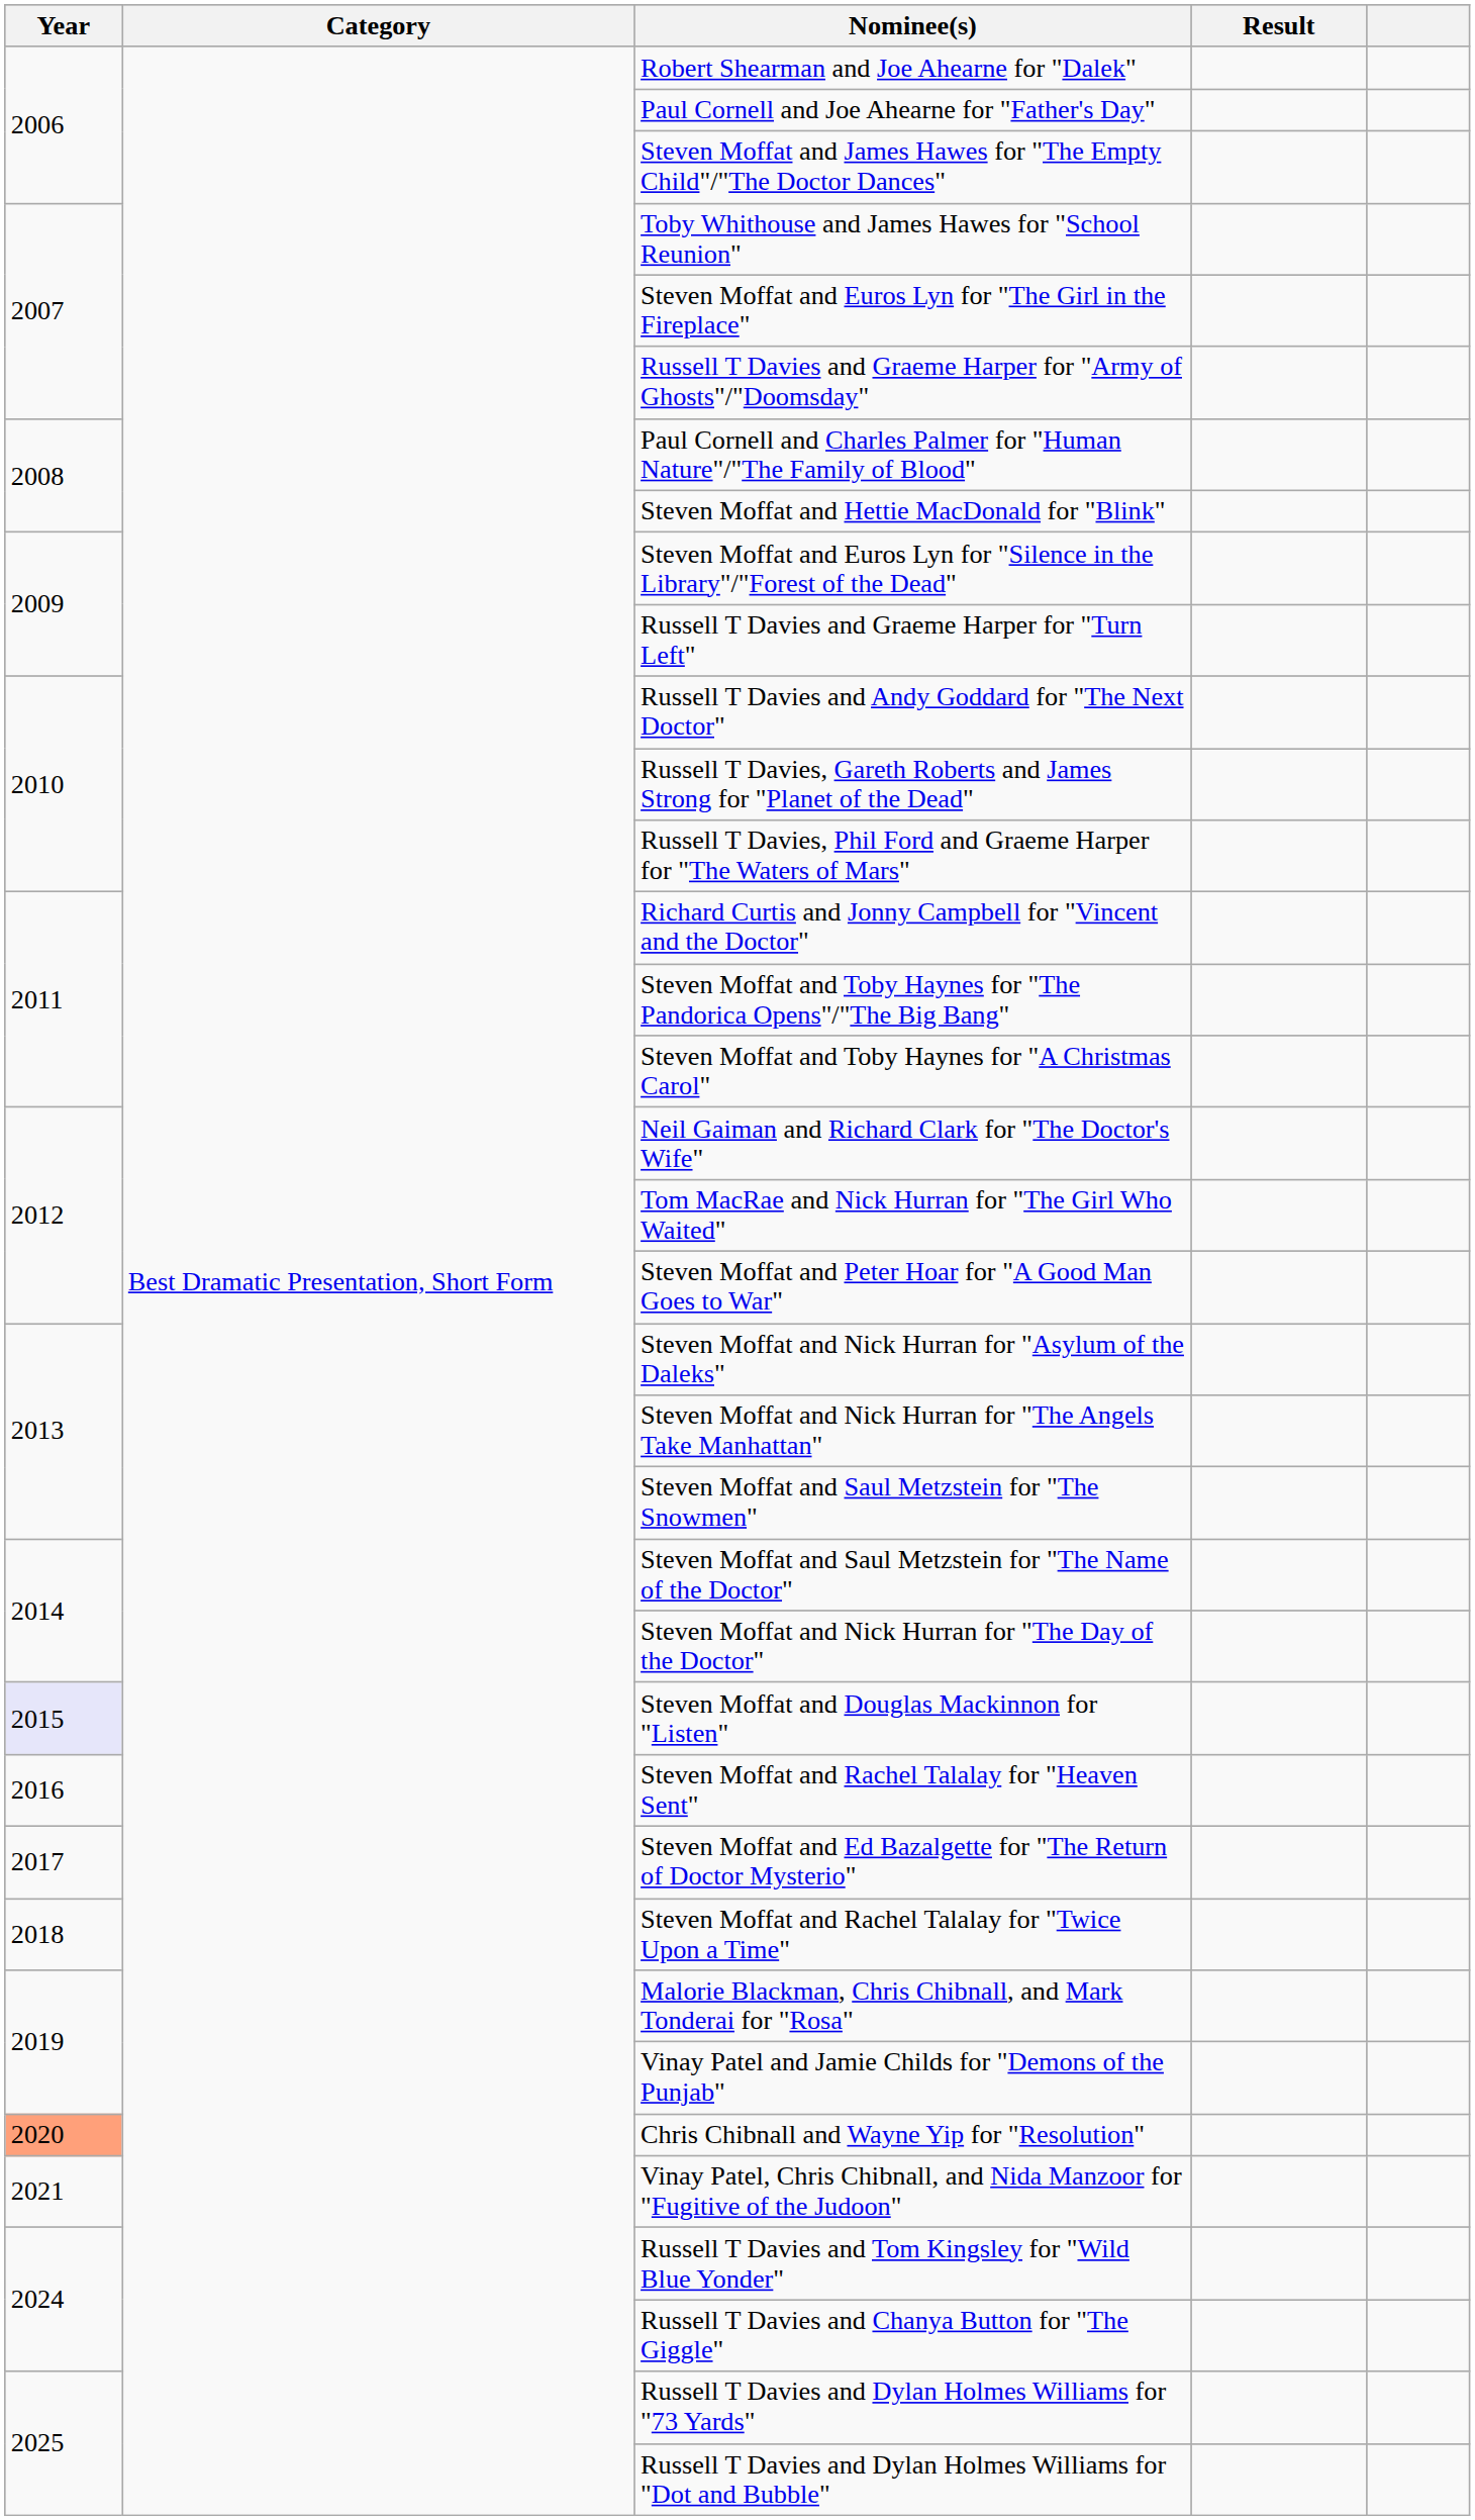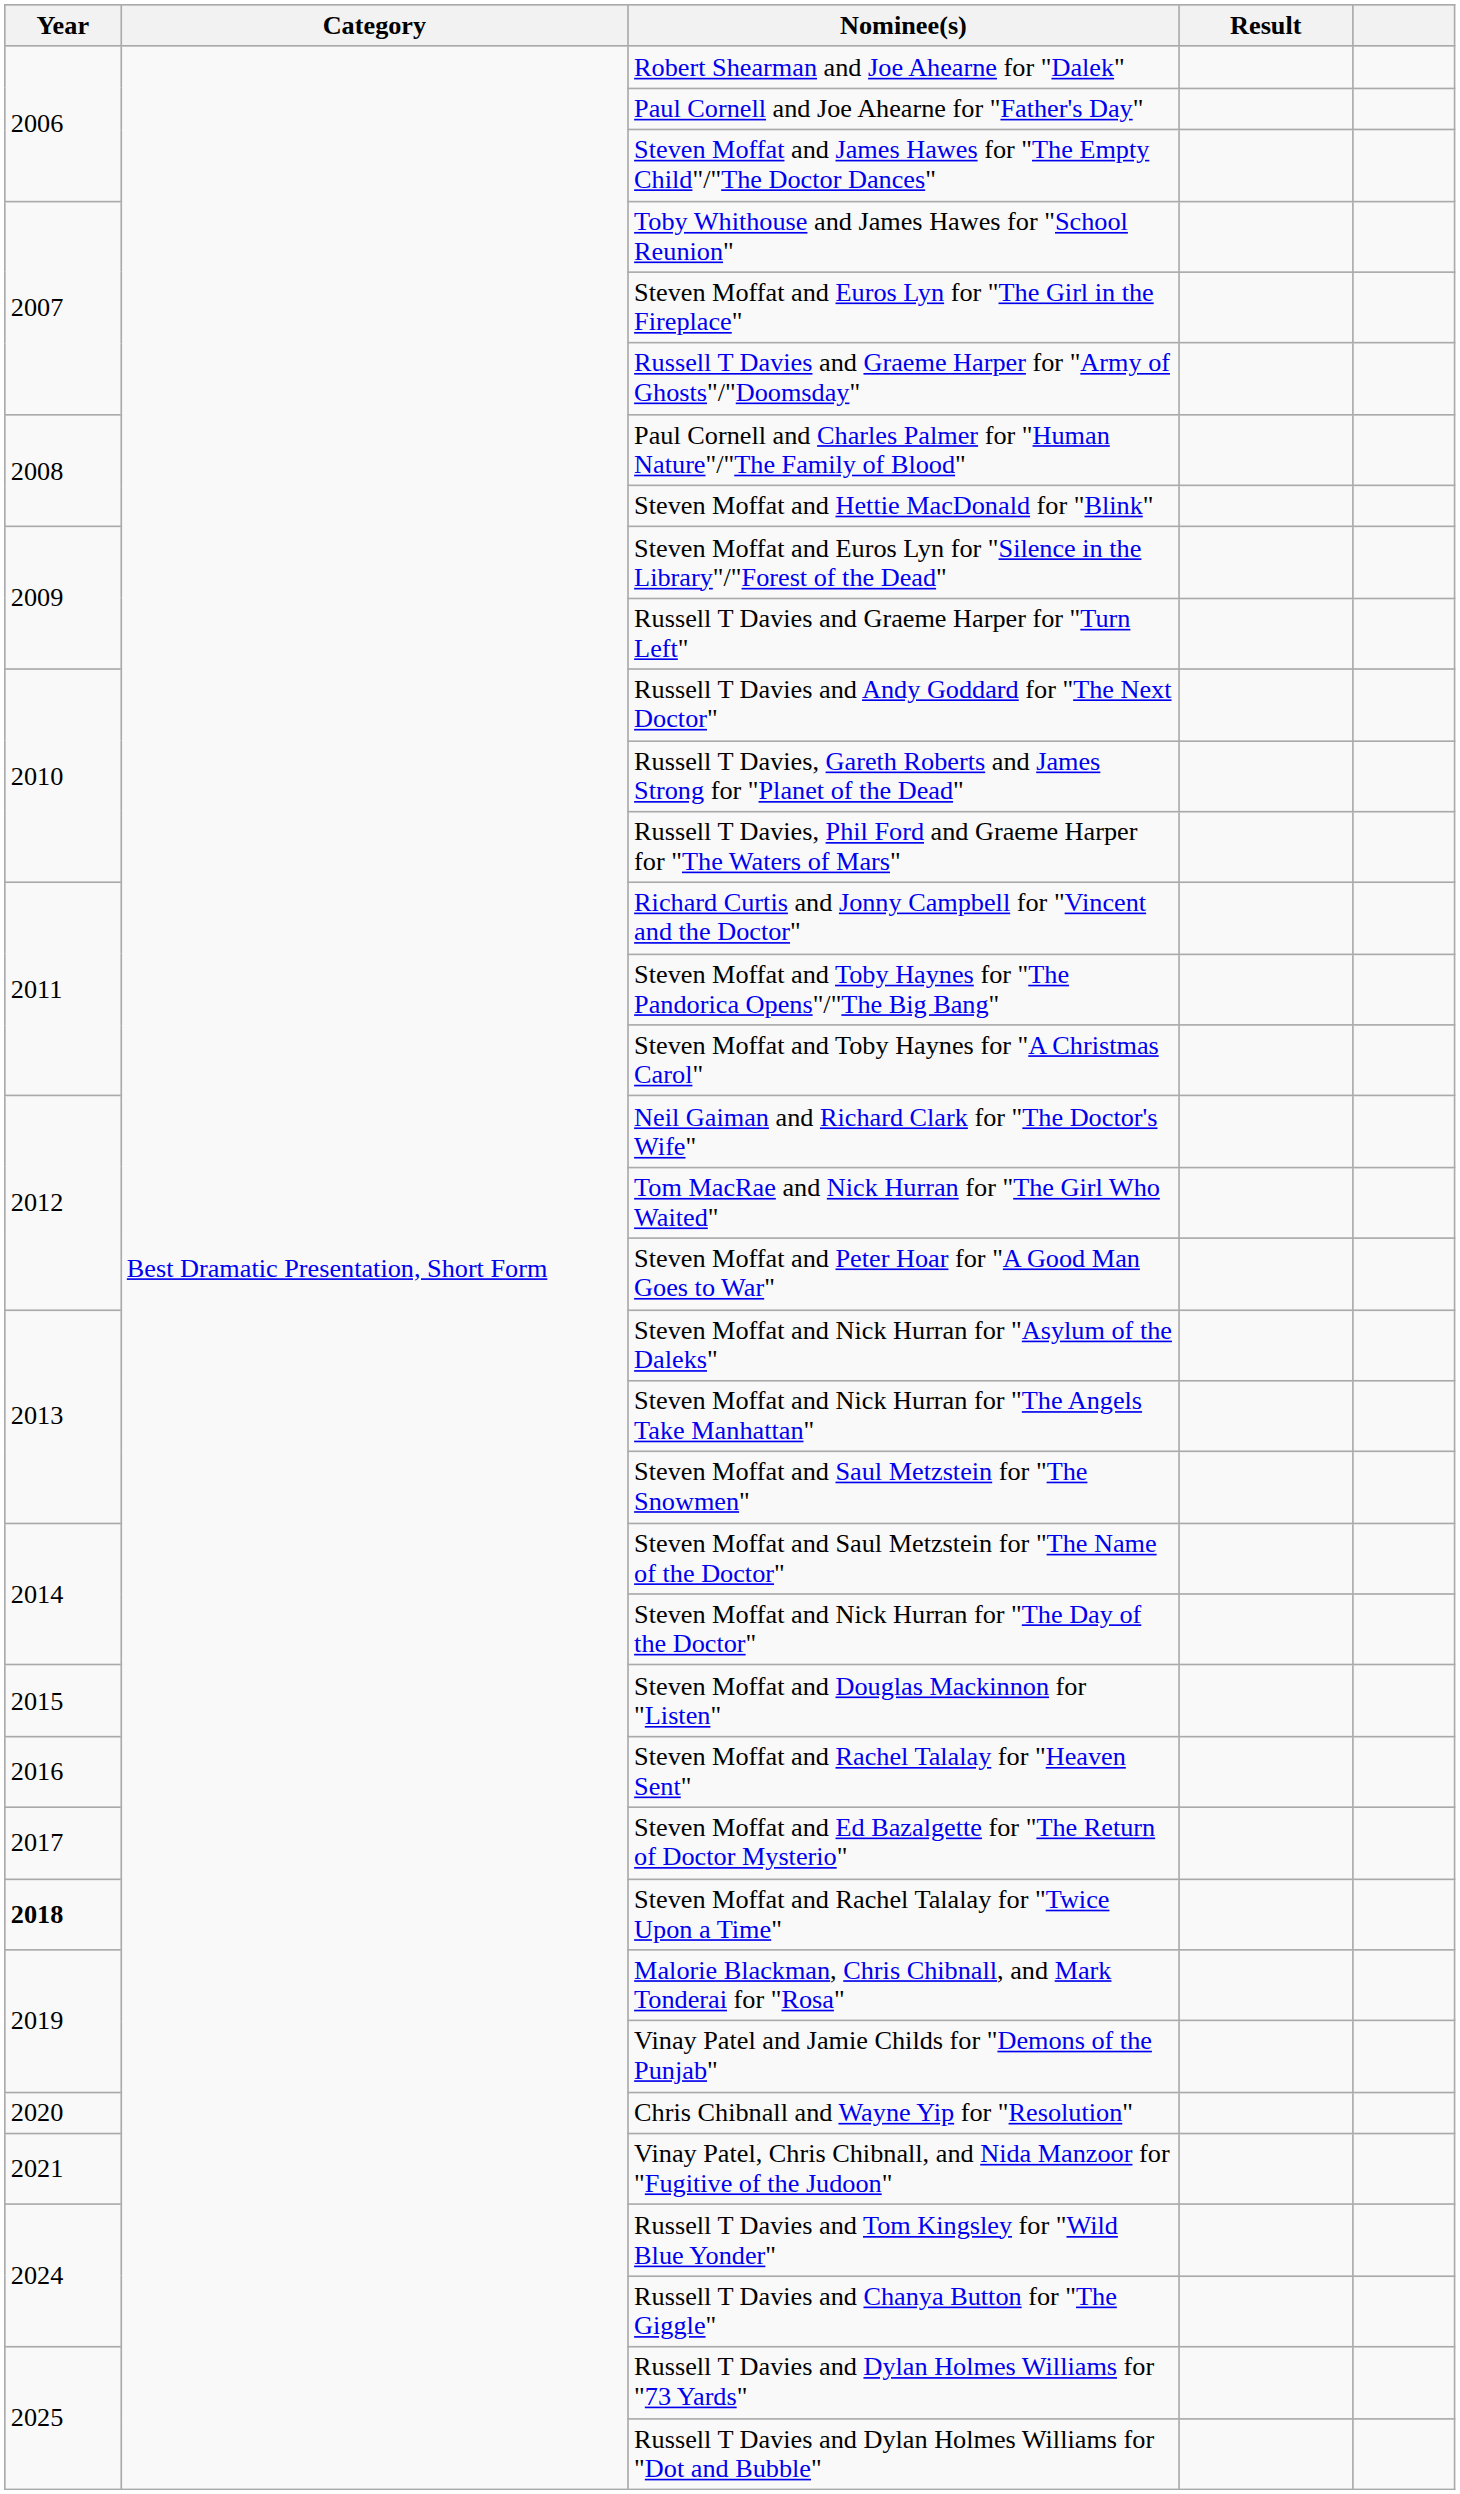 <table class="wikitable" style="width:70%">
 <tr>
 <th style="width:8%">Year</th>
 <th style="width:35%">Category</th>
 <th style="width:38%">Nominee(s)</th>
 <th style="width:12%">Result</th>
 <th style="width:7%"></th>
 </tr>
 <tr>
 <td rowspan="3">2006</td>
 <td rowspan="36"><a href='#'>Best Dramatic Presentation, Short Form</a></td>
 <td><a href='#'>Robert Shearman</a> and <a href='#'>Joe Ahearne</a> for "<a href='#'>Dalek</a>"</td>
 <td></td>
 <td></td>
 </tr>
 <tr>
 <td><a href='#'>Paul Cornell</a> and Joe Ahearne for "<a href='#'>Father's Day</a>"</td>
 <td></td>
 <td></td>
 </tr>
 <tr>
 <td><a href='#'>Steven Moffat</a> and <a href='#'>James Hawes</a> for "<a href='#'>The Empty Child</a>"/"<a href='#'>The Doctor Dances</a>"</td>
 <td></td>
 <td></td>
 </tr>
 <tr>
 <td rowspan="3">2007</td>
 <td><a href='#'>Toby Whithouse</a> and James Hawes for "<a href='#'>School Reunion</a>"</td>
 <td></td>
 <td></td>
 </tr>
 <tr>
 <td>Steven Moffat and <a href='#'>Euros Lyn</a> for "<a href='#'>The Girl in the Fireplace</a>"</td>
 <td></td>
 <td></td>
 </tr>
 <tr>
 <td><a href='#'>Russell T Davies</a> and <a href='#'>Graeme Harper</a> for "<a href='#'>Army of Ghosts</a>"/"<a href='#'>Doomsday</a>"</td>
 <td></td>
 <td></td>
 </tr>
 <tr>
 <td rowspan="2">2008</td>
 <td>Paul Cornell and <a href='#'>Charles Palmer</a> for "<a href='#'>Human Nature</a>"/"<a href='#'>The Family of Blood</a>"</td>
 <td></td>
 <td></td>
 </tr>
 <tr>
 <td>Steven Moffat and <a href='#'>Hettie MacDonald</a> for "<a href='#'>Blink</a>"</td>
 <td></td>
 <td></td>
 </tr>
 <tr>
 <td rowspan="2">2009</td>
 <td>Steven Moffat and Euros Lyn for "<a href='#'>Silence in the Library</a>"/"<a href='#'>Forest of the Dead</a>"</td>
 <td></td>
 <td></td>
 </tr>
 <tr>
 <td>Russell T Davies and Graeme Harper for "<a href='#'>Turn Left</a>"</td>
 <td></td>
 <td></td>
 </tr>
 <tr>
 <td rowspan="3">2010</td>
 <td>Russell T Davies and <a href='#'>Andy Goddard</a> for "<a href='#'>The Next Doctor</a>"</td>
 <td></td>
 <td></td>
 </tr>
 <tr>
 <td>Russell T Davies, <a href='#'>Gareth Roberts</a> and <a href='#'>James Strong</a> for "<a href='#'>Planet of the Dead</a>"</td>
 <td></td>
 <td></td>
 </tr>
 <tr>
 <td>Russell T Davies, <a href='#'>Phil Ford</a> and Graeme Harper for "<a href='#'>The Waters of Mars</a>"</td>
 <td></td>
 <td></td>
 </tr>
 <tr>
 <td rowspan="3">2011</td>
 <td><a href='#'>Richard Curtis</a> and <a href='#'>Jonny Campbell</a> for "<a href='#'>Vincent and the Doctor</a>"</td>
 <td></td>
 <td></td>
 </tr>
 <tr>
 <td>Steven Moffat and <a href='#'>Toby Haynes</a> for "<a href='#'>The Pandorica Opens</a>"/"<a href='#'>The Big Bang</a>"</td>
 <td></td>
 <td></td>
 </tr>
 <tr>
 <td>Steven Moffat and Toby Haynes for "<a href='#'>A Christmas Carol</a>"</td>
 <td></td>
 <td></td>
 </tr>
 <tr>
 <td rowspan="3">2012</td>
 <td><a href='#'>Neil Gaiman</a> and <a href='#'>Richard Clark</a> for "<a href='#'>The Doctor's Wife</a>"</td>
 <td></td>
 <td></td>
 </tr>
 <tr>
 <td><a href='#'>Tom MacRae</a> and <a href='#'>Nick Hurran</a> for "<a href='#'>The Girl Who Waited</a>"</td>
 <td></td>
 <td></td>
 </tr>
 <tr>
 <td>Steven Moffat and <a href='#'>Peter Hoar</a> for "<a href='#'>A Good Man Goes to War</a>"</td>
 <td></td>
 <td></td>
 </tr>
 <tr>
 <td rowspan="3">2013</td>
 <td>Steven Moffat and Nick Hurran for "<a href='#'>Asylum of the Daleks</a>"</td>
 <td></td>
 <td></td>
 </tr>
 <tr>
 <td>Steven Moffat and Nick Hurran for "<a href='#'>The Angels Take Manhattan</a>"</td>
 <td></td>
 <td></td>
 </tr>
 <tr>
 <td>Steven Moffat and <a href='#'>Saul Metzstein</a> for "<a href='#'>The Snowmen</a>"</td>
 <td></td>
 <td></td>
 </tr>
 <tr>
 <td rowspan="2">2014</td>
 <td>Steven Moffat and Saul Metzstein for "<a href='#'>The Name of the Doctor</a>"</td>
 <td></td>
 <td></td>
 </tr>
 <tr>
 <td>Steven Moffat and Nick Hurran for "<a href='#'>The Day of the Doctor</a>"</td>
 <td></td>
 <td></td>
 </tr>
 <tr>
-<td style="background: lavender;">2015</td>
+<td>2015</td>
 <td>Steven Moffat and <a href='#'>Douglas Mackinnon</a> for "<a href='#'>Listen</a>"</td>
 <td></td>
 <td></td>
 </tr>
 <tr>
 <td>2016</td>
 <td>Steven Moffat and <a href='#'>Rachel Talalay</a> for "<a href='#'>Heaven Sent</a>"</td>
 <td></td>
 <td></td>
 </tr>
 <tr>
 <td>2017</td>
 <td>Steven Moffat and <a href='#'>Ed Bazalgette</a> for "<a href='#'>The Return of Doctor Mysterio</a>"</td>
 <td></td>
 <td></td>
 </tr>
 <tr>
-<td>2018</td>
+<td><strong>2018</strong></td>
 <td>Steven Moffat and Rachel Talalay for "<a href='#'>Twice Upon a Time</a>"</td>
 <td></td>
 <td></td>
 </tr>
 <tr>
 <td rowspan="2">2019</td>
 <td><a href='#'>Malorie Blackman</a>, <a href='#'>Chris Chibnall</a>, and <a href='#'>Mark Tonderai</a> for "<a href='#'>Rosa</a>"</td>
 <td></td>
 <td></td>
 </tr>
 <tr>
 <td>Vinay Patel and Jamie Childs for "<a href='#'>Demons of the Punjab</a>"</td>
 <td></td>
 <td></td>
 </tr>
 <tr>
-<td style="background: lightsalmon;">2020</td>
+<td>2020</td>
 <td>Chris Chibnall and <a href='#'>Wayne Yip</a> for "<a href='#'>Resolution</a>"</td>
 <td></td>
 <td></td>
 </tr>
 <tr>
 <td>2021</td>
 <td>Vinay Patel, Chris Chibnall, and <a href='#'>Nida Manzoor</a> for "<a href='#'>Fugitive of the Judoon</a>"</td>
 <td></td>
 <td></td>
 </tr>
 <tr>
 <td rowspan="2">2024</td>
 <td>Russell T Davies and <a href='#'>Tom Kingsley</a> for "<a href='#'>Wild Blue Yonder</a>"</td>
 <td></td>
 <td></td>
 </tr>
 <tr>
 <td>Russell T Davies and <a href='#'>Chanya Button</a> for "<a href='#'>The Giggle</a>"</td>
 <td></td>
 <td></td>
 </tr>
 <tr>
 <td rowspan="2">2025</td>
 <td>Russell T Davies and <a href='#'>Dylan Holmes Williams</a> for "<a href='#'>73 Yards</a>"</td>
 <td></td>
 <td></td>
 </tr>
 <tr>
 <td>Russell T Davies and Dylan Holmes Williams for "<a href='#'>Dot and Bubble</a>"</td>
 <td></td>
 <td></td>
 </tr>
 </table>
